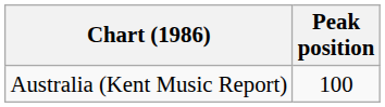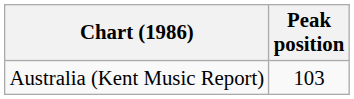 <table class="wikitable">
 <tr>
 <th scope="col">Chart (1986)</th>
 <th>Peak<br>position</th>
 </tr>
 <tr>
 <td>Australia (Kent Music Report)</td>
-<td style="text-align:center;">100</td>
+<td style="text-align:center;">103</td>
 </tr>
 </table>
